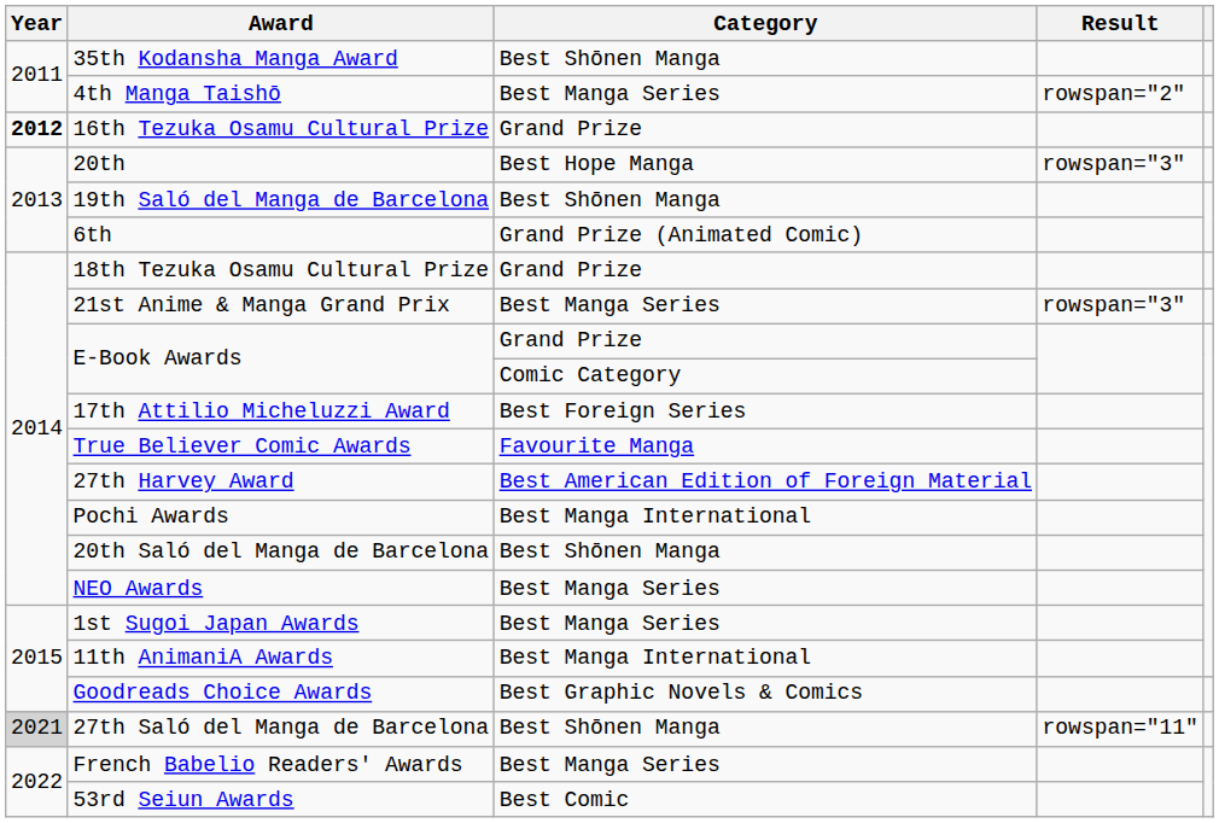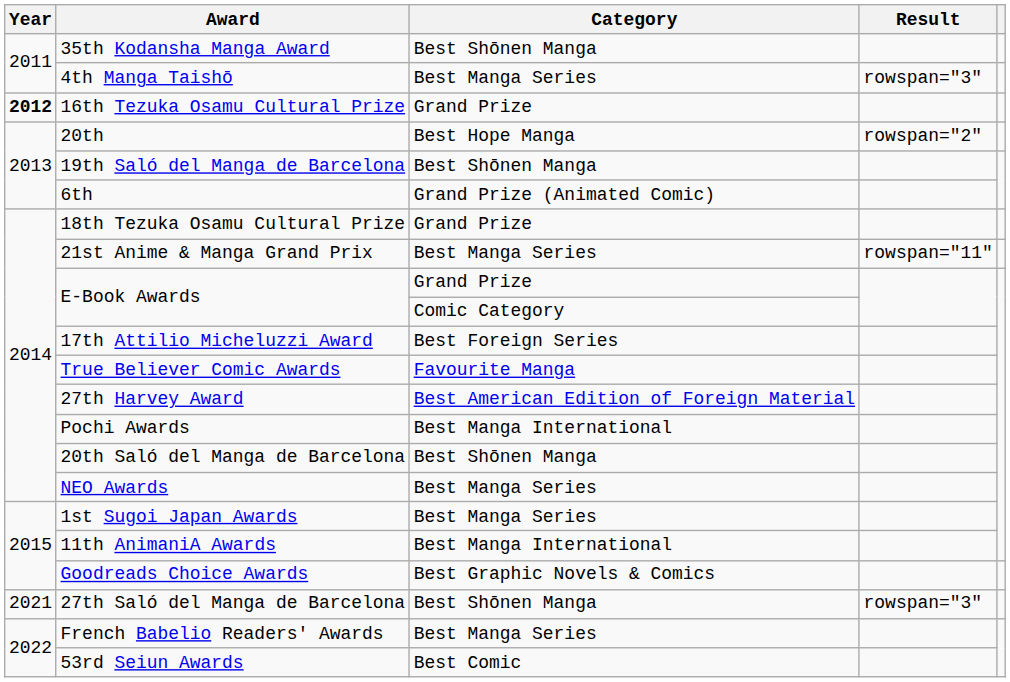 <table class="wikitable plainrowheaders sortable">
 <tr>
 <th scope="col">Year</th>
 <th scope="col">Award</th>
 <th scope="col">Category</th>
 <th scope="col">Result</th>
 <th scope="col" class="unsortable"></th>
 </tr>
 <tr>
 <td rowspan="2" align="center">2011</td>
 <td>35th <a href='#'>Kodansha Manga Award</a></td>
 <td>Best Shōnen Manga</td>
 <td></td>
 <td style="text-align:center;"></td>
 </tr>
 <tr>
 <td>4th <a href='#'>Manga Taishō</a></td>
 <td>Best Manga Series</td>
-<td>rowspan="2" </td>
+<td>rowspan="3" </td>
 <td style="text-align:center;"></td>
 </tr>
 <tr>
 <td align="center"><strong>2012</strong></td>
 <td>16th <a href='#'>Tezuka Osamu Cultural Prize</a></td>
 <td>Grand Prize</td>
 <td style="text-align:center;"></td>
 </tr>
 <tr>
 <td rowspan="3" align="center">2013</td>
 <td>20th </td>
 <td>Best Hope Manga</td>
-<td>rowspan="3" </td>
+<td>rowspan="2" </td>
 <td style="text-align:center;"></td>
 </tr>
 <tr>
 <td>19th <a href='#'>Saló del Manga de Barcelona</a></td>
 <td>Best Shōnen Manga</td>
 <td style="text-align:center;"></td>
 </tr>
 <tr>
 <td>6th </td>
 <td>Grand Prize (Animated Comic)</td>
 <td style="text-align:center;"></td>
 </tr>
 <tr>
 <td rowspan="10" align="center">2014</td>
 <td>18th Tezuka Osamu Cultural Prize</td>
 <td>Grand Prize</td>
 <td></td>
 <td style="text-align:center;"></td>
 </tr>
 <tr>
 <td>21st Anime & Manga Grand Prix</td>
 <td>Best Manga Series</td>
-<td>rowspan="3" </td>
+<td>rowspan="11" </td>
 <td style="text-align:center;"></td>
 </tr>
 <tr>
 <td rowspan="2">E-Book Awards</td>
 <td>Grand Prize</td>
 <td rowspan="2" style="text-align:center;"></td>
 </tr>
 <tr>
 <td>Comic Category</td>
 </tr>
 <tr>
 <td>17th <a href='#'>Attilio Micheluzzi Award</a></td>
 <td>Best Foreign Series</td>
 <td style="text-align:center;"></td>
 </tr>
 <tr>
 <td><a href='#'>True Believer Comic Awards</a></td>
 <td><a href='#'>Favourite Manga</a></td>
 <td style="text-align:center;"></td>
 </tr>
 <tr>
 <td>27th <a href='#'>Harvey Award</a></td>
 <td><a href='#'>Best American Edition of Foreign Material</a></td>
 <td style="text-align:center;"></td>
 </tr>
 <tr>
 <td>Pochi Awards</td>
 <td>Best Manga International</td>
 <td style="text-align:center;"></td>
 </tr>
 <tr>
 <td>20th Saló del Manga de Barcelona</td>
 <td>Best Shōnen Manga</td>
 <td style="text-align:center;"></td>
 </tr>
 <tr>
 <td><a href='#'>NEO Awards</a></td>
 <td>Best Manga Series</td>
 <td style="text-align:center;"></td>
 </tr>
 <tr>
 <td rowspan="3" align="center">2015</td>
 <td>1st <a href='#'>Sugoi Japan Awards</a></td>
 <td>Best Manga Series</td>
 <td style="text-align:center;"></td>
 </tr>
 <tr>
 <td>11th <a href='#'>AnimaniA Awards</a></td>
 <td>Best Manga International</td>
 <td style="text-align:center;"></td>
 </tr>
 <tr>
 <td><a href='#'>Goodreads Choice Awards</a></td>
 <td>Best Graphic Novels & Comics</td>
 <td></td>
 <td style="text-align:center;"></td>
 </tr>
 <tr>
-<td align="center" style="background: lightgrey;">2021</td>
+<td align="center">2021</td>
 <td>27th Saló del Manga de Barcelona</td>
 <td>Best Shōnen Manga</td>
-<td>rowspan="11" </td>
+<td>rowspan="3" </td>
 <td style="text-align:center;"></td>
 </tr>
 <tr>
 <td rowspan="2" align="center">2022</td>
 <td>French <a href='#'>Babelio</a> Readers' Awards</td>
 <td>Best Manga Series</td>
 <td style="text-align:center;"></td>
 </tr>
 <tr>
 <td>53rd <a href='#'>Seiun Awards</a></td>
 <td>Best Comic</td>
 <td style="text-align:center;"></td>
 </tr>
 </table>
